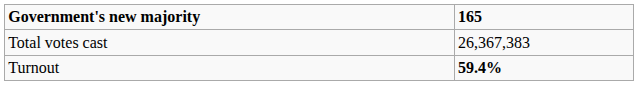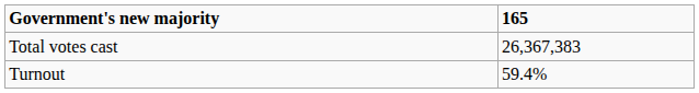 <table class="wikitable" style="width:630px">
 <tr>
 <td><strong>Government's new majority</strong></td>
 <td><strong>165</strong></td>
 </tr>
 <tr>
 <td>Total votes cast</td>
 <td>26,367,383</td>
 </tr>
 <tr>
 <td>Turnout</td>
-<td><strong>59.4%</strong></td>
+<td>59.4%</td>
 </tr>
 </table>
